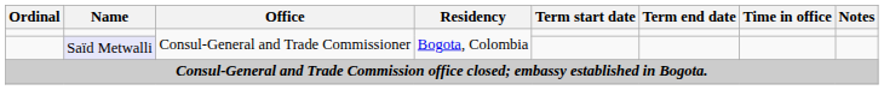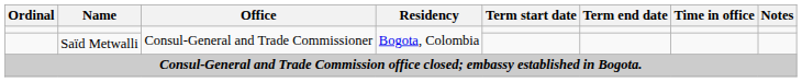 <table class='wikitable sortable'>
 <tr>
 <th>Ordinal</th>
 <th>Name</th>
 <th>Office</th>
 <th>Residency</th>
 <th>Term start date</th>
 <th>Term end date</th>
 <th>Time in office</th>
 <th>Notes</th>
 </tr>
 <tr>
 <td align=center></td>
 <td></td>
 <td rowspan=2>Consul-General and Trade Commissioner</td>
 <td rowspan=2><a href='#'>Bogota</a>, Colombia</td>
 <td align=center></td>
 <td align=center></td>
 <td align=right></td>
 <td></td>
 </tr>
 <tr>
 <td align=center></td>
-<td style="background: lavender;">Saïd Metwalli</td>
+<td>Saïd Metwalli</td>
 <td align=center></td>
 <td align=center></td>
 <td align=right></td>
 <td></td>
 </tr>
 <tr>
 <th colspan=8 style="background: #cccccc;"><em>Consul-General and Trade Commission office closed; embassy established in Bogota.</em></th>
 </tr>
 <tr>
 </tr>
 </table>
